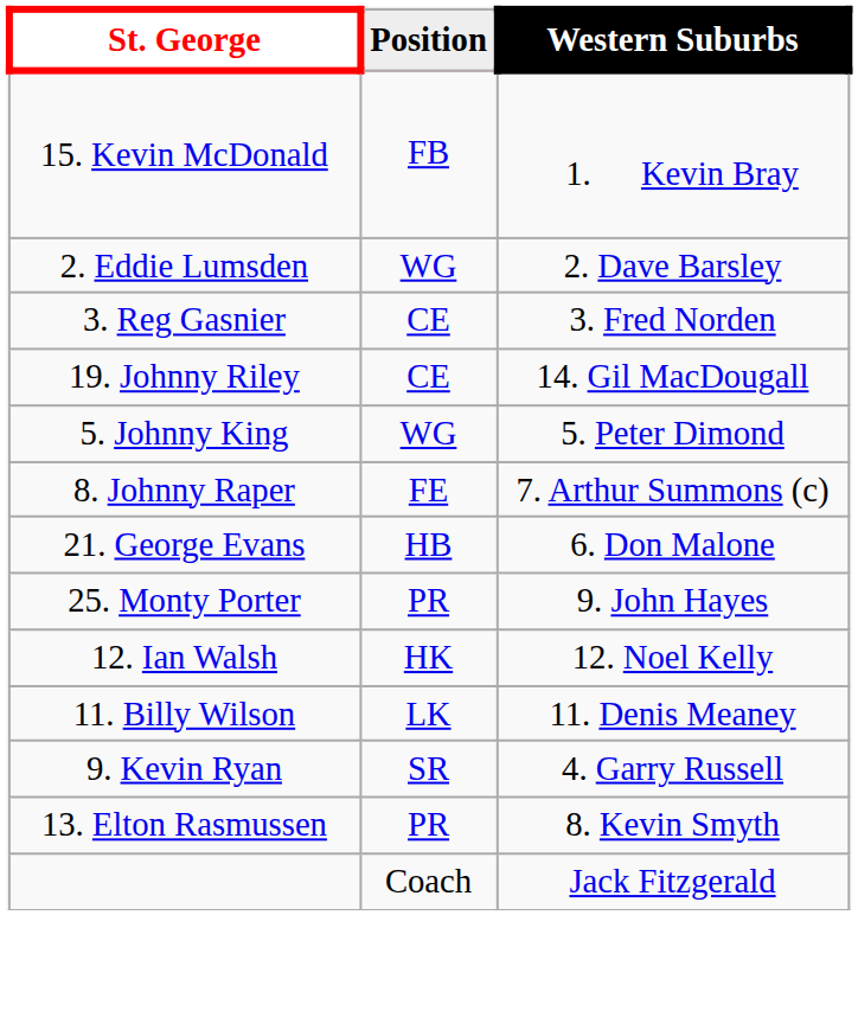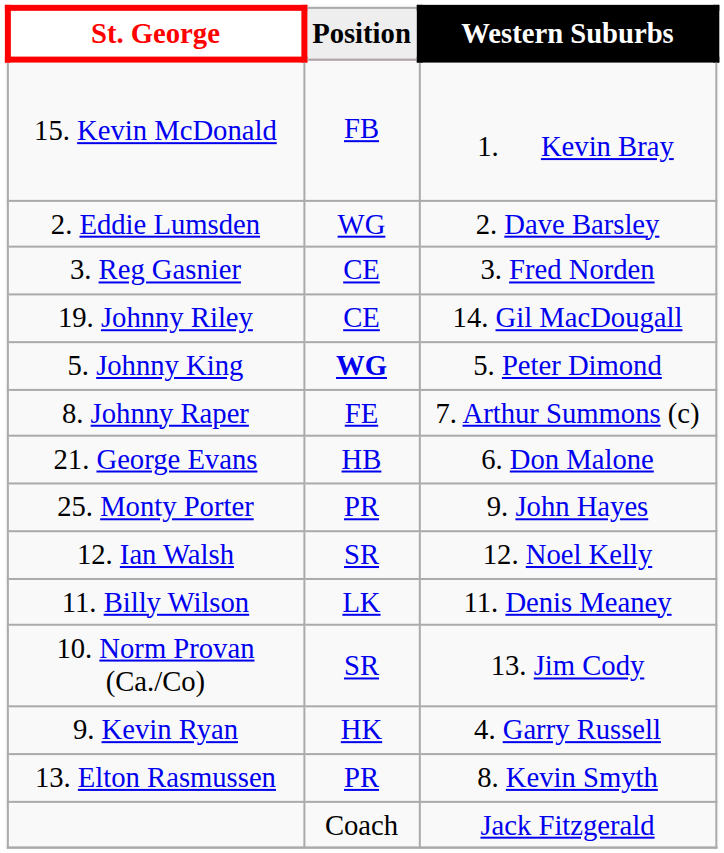 <table align="right" class="wikitable" style="font-size:90%; margin-left:1em">
 <tr bgcolor="#FF0033">
 <th style="width:140px; border:3px solid red; background: white; color: red">St. George</th>
 <th style="width:40px; text-align:center; background:#eee; color:black;">Position</th>
 <th style="width:140px; border:3px solid black; background: black; color: white">Western Suburbs</th>
 </tr>
 <tr align=center>
 <td>15. <a href='#'>Kevin McDonald</a></td>
 <td><a href='#'>FB</a></td>
 <td><br><ol><li><a href='#'>Kevin Bray</a></li></ol></td>
 </tr>
 <tr align=center>
 <td>2. <a href='#'>Eddie Lumsden</a></td>
 <td><a href='#'>WG</a></td>
 <td>2. <a href='#'>Dave Barsley</a></td>
 </tr>
 <tr align=center>
 <td>3. <a href='#'>Reg Gasnier</a></td>
 <td><a href='#'>CE</a></td>
 <td>3. <a href='#'>Fred Norden</a></td>
 </tr>
 <tr align=center>
 <td>19. <a href='#'>Johnny Riley</a></td>
 <td><a href='#'>CE</a></td>
 <td>14. <a href='#'>Gil MacDougall</a></td>
 </tr>
 <tr align=center>
 <td>5. <a href='#'>Johnny King</a></td>
-<td><a href='#'>WG</a></td>
+<td><strong><a href='#'>WG</a></strong></td>
 <td>5. <a href='#'>Peter Dimond</a></td>
 </tr>
 <tr align=center>
 <td>8. <a href='#'>Johnny Raper</a></td>
 <td><a href='#'>FE</a></td>
 <td>7. <a href='#'>Arthur Summons</a> (c)</td>
 </tr>
 <tr align=center>
 <td>21. <a href='#'>George Evans</a></td>
 <td><a href='#'>HB</a></td>
 <td>6. <a href='#'>Don Malone</a></td>
 </tr>
 <tr align=center>
 <td>25. <a href='#'>Monty Porter</a></td>
 <td><a href='#'>PR</a></td>
 <td>9. <a href='#'>John Hayes</a></td>
 </tr>
 <tr align=center>
 <td>12. <a href='#'>Ian Walsh</a></td>
-<td><a href='#'>HK</a></td>
+<td><a href='#'>SR</a></td>
 <td>12. <a href='#'>Noel Kelly</a></td>
 </tr>
 <tr align=center>
 <td>11. <a href='#'>Billy Wilson</a></td>
 <td><a href='#'>LK</a></td>
 <td>11. <a href='#'>Denis Meaney</a></td>
 </tr>
 <tr align=center>
+<td>10. <a href='#'>Norm Provan</a> (Ca./Co)</td>
+<td><a href='#'>SR</a></td>
+<td>13. <a href='#'>Jim Cody</a></td>
+</tr>
+<tr align=center>
 <td>9. <a href='#'>Kevin Ryan</a></td>
-<td><a href='#'>SR</a></td>
+<td><a href='#'>HK</a></td>
 <td>4. <a href='#'>Garry Russell</a></td>
 </tr>
 <tr align=center>
 <td>13. <a href='#'>Elton Rasmussen</a></td>
 <td><a href='#'>PR</a></td>
 <td>8. <a href='#'>Kevin Smyth</a></td>
 </tr>
 <tr align=center>
 <td></td>
 <td>Coach</td>
 <td><a href='#'>Jack Fitzgerald</a></td>
 </tr>
 <tr>
 </tr>
 </table>
